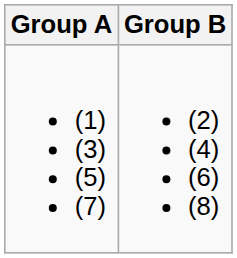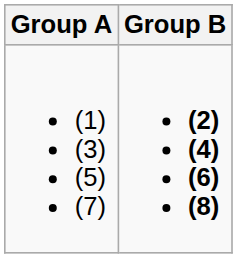 <table class="wikitable">
 <tr>
 <th>Group A</th>
 <th>Group B</th>
 </tr>
 <tr>
 <td><br><ul><li> (1)</li><li> (3)</li><li> (5)</li><li> (7)</li></ul></td>
-<td><br><ul><li> (2)</li><li> (4)</li><li> (6)</li><li> (8)</li></ul></td>
+<td><strong><br><ul><li> (2)</li><li> (4)</li><li> (6)</li><li> (8)</li></ul></strong></td>
 </tr>
 </table>
